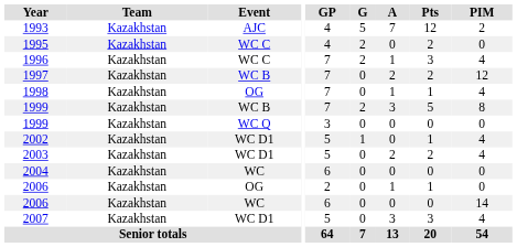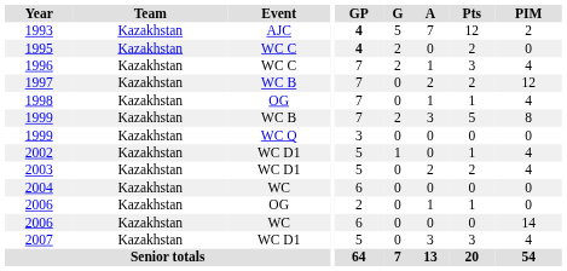 <table border="0" cellpadding="1" cellspacing="0" style="text-align:center; width:40em">
 <tr bgcolor="#e0e0e0">
 <th>Year</th>
 <th>Team</th>
 <th>Event</th>
 <th rowspan="99" bgcolor="#ffffff"></th>
 <th>GP</th>
 <th>G</th>
 <th>A</th>
 <th>Pts</th>
 <th>PIM</th>
 </tr>
 <tr>
 <td><a href='#'>1993</a></td>
 <td><a href='#'>Kazakhstan</a></td>
 <td><a href='#'>AJC</a></td>
-<td>4</td>
+<td><strong>4</strong></td>
 <td>5</td>
 <td>7</td>
 <td>12</td>
 <td>2</td>
 </tr>
 <tr bgcolor="#f0f0f0">
 <td><a href='#'>1995</a></td>
 <td><a href='#'>Kazakhstan</a></td>
 <td><a href='#'>WC C</a></td>
-<td>4</td>
+<td><strong>4</strong></td>
 <td>2</td>
 <td>0</td>
 <td>2</td>
 <td>0</td>
 </tr>
 <tr>
 <td><a href='#'>1996</a></td>
 <td>Kazakhstan</td>
 <td>WC C</td>
 <td>7</td>
 <td>2</td>
 <td>1</td>
 <td>3</td>
 <td>4</td>
 </tr>
 <tr bgcolor="#f0f0f0">
 <td><a href='#'>1997</a></td>
 <td>Kazakhstan</td>
 <td><a href='#'>WC B</a></td>
 <td>7</td>
 <td>0</td>
 <td>2</td>
 <td>2</td>
 <td>12</td>
 </tr>
 <tr>
 <td><a href='#'>1998</a></td>
 <td>Kazakhstan</td>
 <td><a href='#'>OG</a></td>
 <td>7</td>
 <td>0</td>
 <td>1</td>
 <td>1</td>
 <td>4</td>
 </tr>
 <tr bgcolor="#f0f0f0">
 <td><a href='#'>1999</a></td>
 <td>Kazakhstan</td>
 <td>WC B</td>
 <td>7</td>
 <td>2</td>
 <td>3</td>
 <td>5</td>
 <td>8</td>
 </tr>
 <tr>
 <td><a href='#'>1999</a></td>
 <td>Kazakhstan</td>
 <td><a href='#'>WC Q</a></td>
 <td>3</td>
 <td>0</td>
 <td>0</td>
 <td>0</td>
 <td>0</td>
 </tr>
 <tr bgcolor="#f0f0f0">
 <td><a href='#'>2002</a></td>
 <td>Kazakhstan</td>
 <td>WC D1</td>
 <td>5</td>
 <td>1</td>
 <td>0</td>
 <td>1</td>
 <td>4</td>
 </tr>
 <tr>
 <td><a href='#'>2003</a></td>
 <td>Kazakhstan</td>
 <td>WC D1</td>
 <td>5</td>
 <td>0</td>
 <td>2</td>
 <td>2</td>
 <td>4</td>
 </tr>
 <tr bgcolor="#f0f0f0">
 <td><a href='#'>2004</a></td>
 <td>Kazakhstan</td>
 <td>WC</td>
 <td>6</td>
 <td>0</td>
 <td>0</td>
 <td>0</td>
 <td>0</td>
 </tr>
 <tr>
 <td><a href='#'>2006</a></td>
 <td>Kazakhstan</td>
 <td>OG</td>
 <td>2</td>
 <td>0</td>
 <td>1</td>
 <td>1</td>
 <td>0</td>
 </tr>
 <tr bgcolor="#f0f0f0">
 <td><a href='#'>2006</a></td>
 <td>Kazakhstan</td>
 <td>WC</td>
 <td>6</td>
 <td>0</td>
 <td>0</td>
 <td>0</td>
 <td>14</td>
 </tr>
 <tr>
 <td><a href='#'>2007</a></td>
 <td>Kazakhstan</td>
 <td>WC D1</td>
 <td>5</td>
 <td>0</td>
 <td>3</td>
 <td>3</td>
 <td>4</td>
 </tr>
 <tr bgcolor="#e0e0e0">
 <th colspan="3">Senior totals</th>
 <th>64</th>
 <th>7</th>
 <th>13</th>
 <th>20</th>
 <th>54</th>
 </tr>
 </table>
